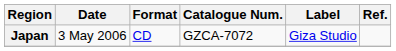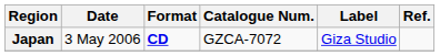 <table class="wikitable sortable plainrowheaders">
 <tr>
 <th scope="col">Region</th>
 <th scope="col">Date</th>
 <th scope="col">Format</th>
 <th scope="col">Catalogue Num.</th>
 <th scope="col">Label</th>
 <th scope="col">Ref.</th>
 </tr>
 <tr>
 <th scope="row">Japan</th>
 <td>3 May 2006</td>
-<td><a href='#'>CD</a></td>
+<td><strong><a href='#'>CD</a></strong></td>
 <td>GZCA-7072</td>
 <td><a href='#'>Giza Studio</a></td>
 <td></td>
 </tr>
 <tr>
 </tr>
 </table>
